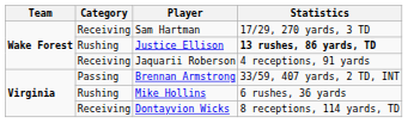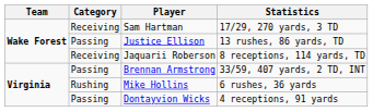 <table class="wikitable" style="float: right;">
 <tr>
 <th>Team</th>
 <th>Category</th>
 <th>Player</th>
 <th>Statistics</th>
 </tr>
 <tr>
 <td rowspan=3><strong>Wake Forest</strong></td>
 <td>Receiving</td>
 <td>Sam Hartman</td>
 <td>17/29, 270 yards, 3 TD</td>
 </tr>
 <tr>
-<td>Rushing</td>
+<td>Passing</td>
 <td><a href='#'>Justice Ellison</a></td>
-<td><strong>13 rushes, 86 yards, TD</strong></td>
+<td>13 rushes, 86 yards, TD</td>
 </tr>
 <tr>
 <td>Receiving</td>
 <td>Jaquarii Roberson</td>
-<td>4 receptions, 91 yards</td>
+<td>8 receptions, 114 yards, TD</td>
 </tr>
 <tr>
 <td rowspan=3><strong>Virginia</strong></td>
 <td>Passing</td>
 <td><a href='#'>Brennan Armstrong</a></td>
 <td>33/59, 407 yards, 2 TD, INT</td>
 </tr>
 <tr>
 <td>Rushing</td>
 <td><a href='#'>Mike Hollins</a></td>
 <td>6 rushes, 36 yards</td>
 </tr>
 <tr>
-<td>Receiving</td>
+<td>Passing</td>
 <td><a href='#'>Dontayvion Wicks</a></td>
-<td>8 receptions, 114 yards, TD</td>
+<td>4 receptions, 91 yards</td>
 </tr>
 </table>
